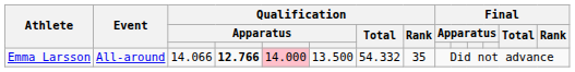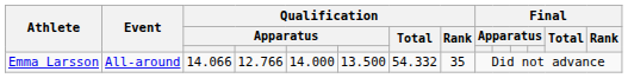 <table class="wikitable" style="font-size:90%">
 <tr>
 <th rowspan=3>Athlete</th>
 <th rowspan=3>Event</th>
 <th colspan=6>Qualification</th>
 <th colspan=6>Final</th>
 </tr>
 <tr style="font-size:95%">
 <th colspan=4>Apparatus</th>
 <th rowspan=2>Total</th>
 <th rowspan=2>Rank</th>
 <th colspan=4>Apparatus</th>
 <th rowspan=2>Total</th>
 <th rowspan=2>Rank</th>
 </tr>
 <tr style="font-size:95%">
 <th></th>
 <th></th>
 <th></th>
 <th></th>
 <th></th>
 <th></th>
 <th></th>
 <th></th>
 </tr>
 <tr align=center>
 <td align=left><a href='#'>Emma Larsson</a></td>
 <td align=left><a href='#'>All-around</a></td>
 <td>14.066</td>
-<td><strong>12.766</strong></td>
-<td style="background: pink;">14.000</td>
+<td>12.766</td>
+<td>14.000</td>
 <td>13.500</td>
 <td>54.332</td>
 <td>35</td>
 <td colspan=6>Did not advance</td>
 </tr>
 </table>
